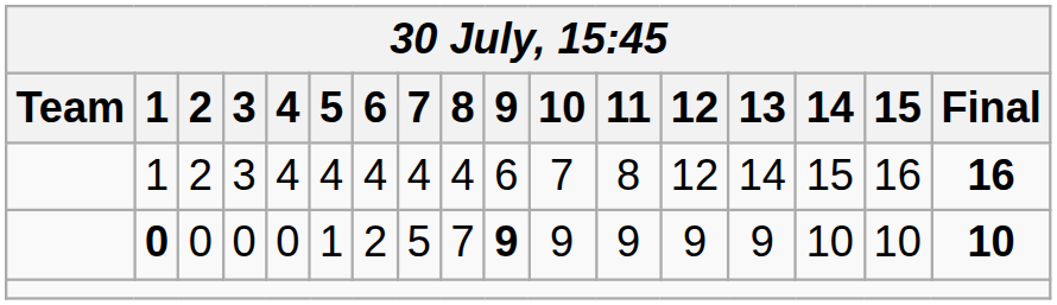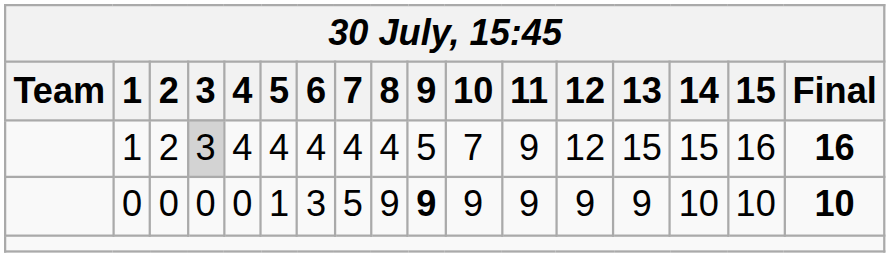 <table class=wikitable style="text-align:center; width: 55%">
 <tr>
 <th colspan=17><em>30 July, 15:45</em></th>
 </tr>
 <tr>
 <th>Team</th>
 <th>1</th>
 <th>2</th>
 <th>3</th>
 <th>4</th>
 <th>5</th>
 <th>6</th>
 <th>7</th>
 <th>8</th>
 <th>9</th>
 <th>10</th>
 <th>11</th>
 <th>12</th>
 <th>13</th>
 <th>14</th>
 <th>15</th>
 <th>Final</th>
 </tr>
 <tr>
 <td align=left><strong></strong></td>
 <td>1</td>
 <td>2</td>
-<td>3</td>
+<td style="background: lightgrey;">3</td>
 <td>4</td>
 <td>4</td>
 <td>4</td>
 <td>4</td>
 <td>4</td>
-<td>6</td>
+<td>5</td>
 <td>7</td>
-<td>8</td>
+<td>9</td>
 <td>12</td>
-<td>14</td>
+<td>15</td>
 <td>15</td>
 <td>16</td>
 <td><strong>16</strong></td>
 </tr>
 <tr>
 <td align=left></td>
-<td><strong>0</strong></td>
+<td>0</td>
 <td>0</td>
 <td>0</td>
 <td>0</td>
 <td>1</td>
-<td>2</td>
+<td>3</td>
 <td>5</td>
-<td>7</td>
+<td>9</td>
 <td><strong>9</strong></td>
 <td>9</td>
 <td>9</td>
 <td>9</td>
 <td>9</td>
 <td>10</td>
 <td>10</td>
 <td><strong>10</strong></td>
 </tr>
 <tr>
 <td colspan=17></td>
 </tr>
 </table>
